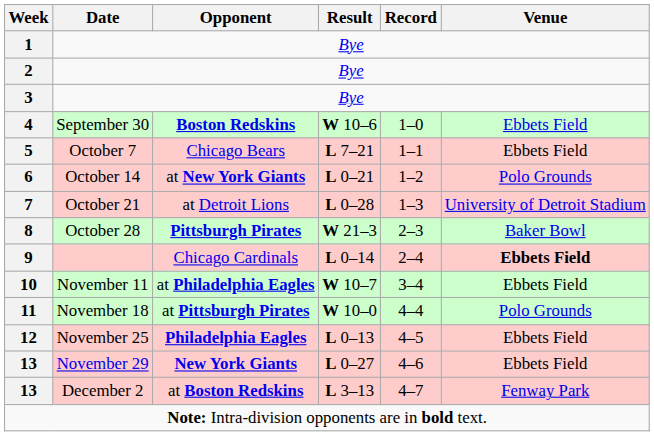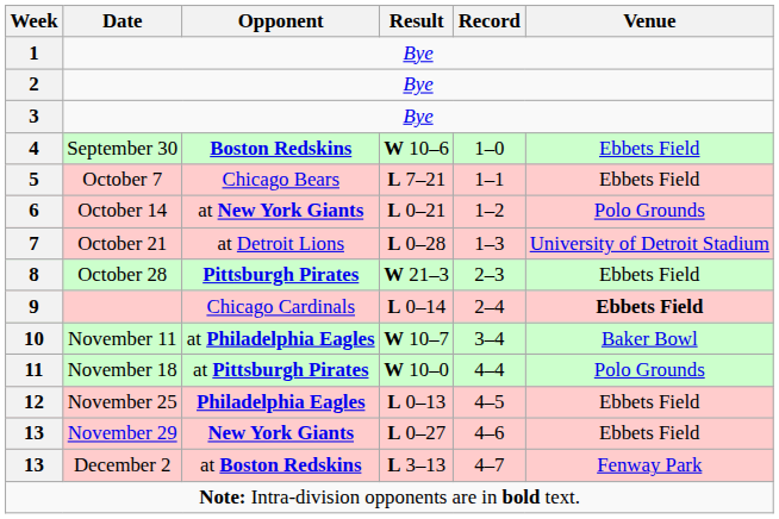 <table class="wikitable" style="text-align:center">
 <tr>
 <th>Week</th>
 <th>Date</th>
 <th>Opponent</th>
 <th>Result</th>
 <th>Record</th>
 <th>Venue</th>
 </tr>
 <tr>
 <th>1</th>
 <td colspan="6"><em><a href='#'>Bye</a></em></td>
 </tr>
 <tr>
 <th>2</th>
 <td colspan="6"><em><a href='#'>Bye</a></em></td>
 </tr>
 <tr>
 <th>3</th>
 <td colspan="6"><em><a href='#'>Bye</a></em></td>
 </tr>
 <tr style="background:#cfc">
 <th>4</th>
 <td>September 30</td>
 <td><strong><a href='#'>Boston Redskins</a></strong></td>
 <td><strong>W</strong> 10–6</td>
 <td>1–0</td>
 <td><a href='#'>Ebbets Field</a></td>
 </tr>
 <tr style="background:#fcc">
 <th>5</th>
 <td>October 7</td>
 <td><a href='#'>Chicago Bears</a></td>
 <td><strong>L</strong> 7–21</td>
 <td>1–1</td>
 <td>Ebbets Field</td>
 </tr>
 <tr style="background:#fcc">
 <th>6</th>
 <td>October 14</td>
 <td>at <strong><a href='#'>New York Giants</a></strong></td>
 <td><strong>L</strong> 0–21</td>
 <td>1–2</td>
 <td><a href='#'>Polo Grounds</a></td>
 </tr>
 <tr style="background:#fcc">
 <th>7</th>
 <td>October 21</td>
 <td>at <a href='#'>Detroit Lions</a></td>
 <td><strong>L</strong> 0–28</td>
 <td>1–3</td>
 <td><a href='#'>University of Detroit Stadium</a></td>
 </tr>
 <tr style="background:#cfc">
 <th>8</th>
 <td>October 28</td>
 <td><strong><a href='#'>Pittsburgh Pirates</a></strong></td>
 <td><strong>W</strong> 21–3</td>
 <td>2–3</td>
-<td><a href='#'>Baker Bowl</a></td>
+<td>Ebbets Field</td>
 </tr>
 <tr style="background:#fcc">
 <th>9</th>
 <td></td>
 <td><a href='#'>Chicago Cardinals</a></td>
 <td><strong>L</strong> 0–14</td>
 <td>2–4</td>
 <td><strong>Ebbets Field</strong></td>
 </tr>
 <tr style="background:#cfc">
 <th>10</th>
 <td>November 11</td>
 <td>at <strong><a href='#'>Philadelphia Eagles</a></strong></td>
 <td><strong>W</strong> 10–7</td>
 <td>3–4</td>
-<td>Ebbets Field</td>
+<td><a href='#'>Baker Bowl</a></td>
 </tr>
 <tr style="background:#cfc">
 <th>11</th>
 <td>November 18</td>
 <td>at <strong><a href='#'>Pittsburgh Pirates</a></strong></td>
 <td><strong>W</strong> 10–0</td>
 <td>4–4</td>
 <td><a href='#'>Polo Grounds</a></td>
 </tr>
 <tr style="background:#fcc">
 <th>12</th>
 <td>November 25</td>
 <td><strong><a href='#'>Philadelphia Eagles</a></strong></td>
 <td><strong>L</strong> 0–13</td>
 <td>4–5</td>
 <td>Ebbets Field</td>
 </tr>
 <tr style="background:#fcc">
 <th>13</th>
 <td><a href='#'>November 29</a></td>
 <td><strong><a href='#'>New York Giants</a></strong></td>
 <td><strong>L</strong> 0–27</td>
 <td>4–6</td>
 <td>Ebbets Field</td>
 </tr>
 <tr style="background:#fcc">
 <th>13</th>
 <td>December 2</td>
 <td>at <strong><a href='#'>Boston Redskins</a></strong></td>
 <td><strong>L</strong> 3–13</td>
 <td>4–7</td>
 <td><a href='#'>Fenway Park</a></td>
 </tr>
 <tr>
 <td colspan="8"><strong>Note:</strong> Intra-division opponents are in <strong>bold</strong> text.</td>
 </tr>
 </table>
